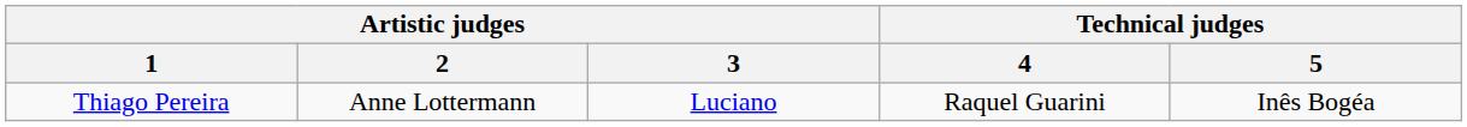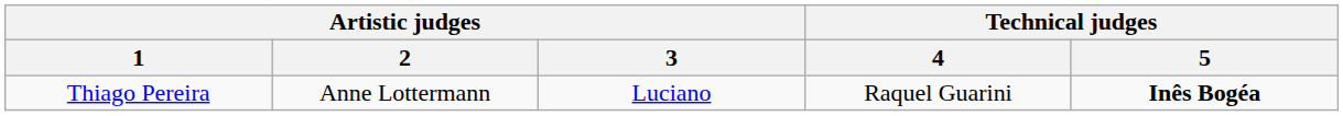 <table class="wikitable" style="font-size:100%; line-height:16px; text-align:center" width="100%">
 <tr>
 <th colspan=3>Artistic judges</th>
 <th colspan=2>Technical judges</th>
 </tr>
 <tr>
 <th width="20.0%">1</th>
 <th width="20.0%">2</th>
 <th width="20.0%">3</th>
 <th width="20.0%">4</th>
 <th width="20.0%">5</th>
 </tr>
 <tr>
 <td><a href='#'>Thiago Pereira</a></td>
 <td>Anne Lottermann</td>
 <td><a href='#'>Luciano</a></td>
 <td>Raquel Guarini</td>
-<td>Inês Bogéa</td>
+<td><strong>Inês Bogéa</strong></td>
 </tr>
 </table>
